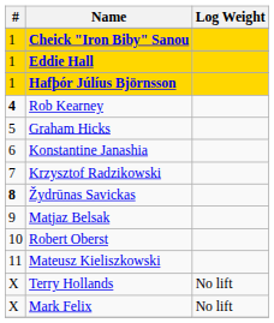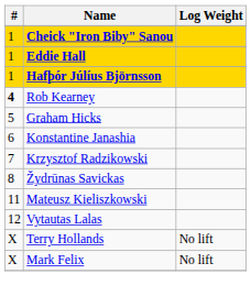 <table class="wikitable" style="display: inline-table">
 <tr>
 <th>#</th>
 <th>Name</th>
 <th>Log Weight</th>
 </tr>
 <tr>
 </tr>
 <tr style="background:gold;">
 <td>1</td>
 <td> <strong><a href='#'>Cheick "Iron Biby" Sanou</a></strong></td>
 <td></td>
 </tr>
 <tr>
 </tr>
 <tr style="background:gold;">
 <td>1</td>
 <td> <strong><a href='#'>Eddie Hall</a></strong></td>
 <td></td>
 </tr>
 <tr>
 </tr>
 <tr style="background:gold;">
 <td>1</td>
 <td> <strong><a href='#'>Hafþór Júlíus Björnsson</a></strong></td>
 <td></td>
 </tr>
 <tr>
 <td><strong>4</strong></td>
 <td> <a href='#'>Rob Kearney</a></td>
 <td></td>
 </tr>
 <tr>
 <td>5</td>
 <td> <a href='#'>Graham Hicks</a></td>
 <td></td>
 </tr>
 <tr>
 <td>6</td>
 <td> <a href='#'>Konstantine Janashia</a></td>
 <td></td>
 </tr>
 <tr>
 <td>7</td>
 <td> <a href='#'>Krzysztof Radzikowski</a></td>
 <td></td>
 </tr>
 <tr>
-<td><strong>8</strong></td>
+<td>8</td>
 <td> <a href='#'>Žydrūnas Savickas</a></td>
-<td></td>
-</tr>
-<tr>
-<td>9</td>
-<td> <a href='#'>Matjaz Belsak</a></td>
-<td></td>
-</tr>
-<tr>
-<td>10</td>
-<td> <a href='#'>Robert Oberst</a></td>
 <td></td>
 </tr>
 <tr>
 <td>11</td>
 <td> <a href='#'>Mateusz Kieliszkowski</a></td>
+<td></td>
+</tr>
+<tr>
+<td>12</td>
+<td> <a href='#'>Vytautas Lalas</a></td>
 <td></td>
 </tr>
 <tr>
 <td>X</td>
 <td> <a href='#'>Terry Hollands</a></td>
 <td>No lift</td>
 </tr>
 <tr>
 <td>X</td>
 <td> <a href='#'>Mark Felix</a></td>
 <td>No lift</td>
 </tr>
 <tr>
 </tr>
 </table>
